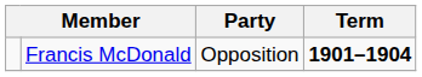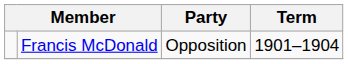 <table class="wikitable">
 <tr>
 <th colspan="2">Member</th>
 <th>Party</th>
 <th>Term</th>
 </tr>
 <tr>
 <td> </td>
 <td><a href='#'>Francis McDonald</a></td>
 <td>Opposition</td>
-<td><strong>1901–1904</strong></td>
+<td>1901–1904</td>
 </tr>
 <tr>
 </tr>
 </table>
